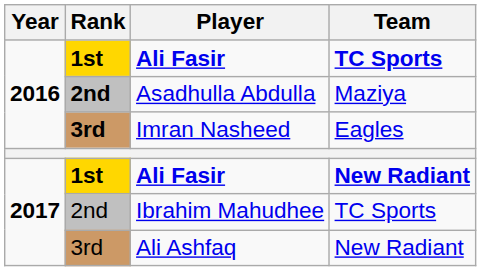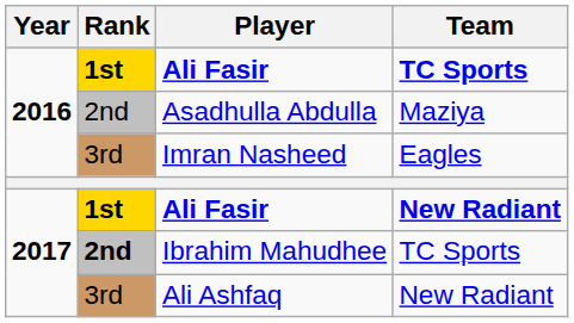 <table class="wikitable">
 <tr>
 <th>Year</th>
 <th>Rank</th>
 <th>Player</th>
 <th>Team</th>
 </tr>
 <tr>
 <td rowspan="3"><strong>2016</strong></td>
 <td scope=col style="background-color: gold"><strong>1st</strong></td>
 <td> <strong><a href='#'>Ali Fasir</a></strong></td>
 <td> <strong><a href='#'>TC Sports</a></strong></td>
 </tr>
 <tr>
-<td scope=col style="background-color: silver"><strong>2nd</strong></td>
+<td scope=col style="background-color: silver">2nd</td>
 <td> <a href='#'>Asadhulla Abdulla</a></td>
 <td> <a href='#'>Maziya</a></td>
 </tr>
 <tr>
-<td scope=col style="background-color: #cc9966"><strong>3rd</strong></td>
+<td scope=col style="background-color: #cc9966">3rd</td>
 <td> <a href='#'>Imran Nasheed</a></td>
 <td> <a href='#'>Eagles</a></td>
 </tr>
 <tr>
 <th colspan="5"></th>
 </tr>
 <tr>
 <td rowspan="3"><strong>2017</strong></td>
 <td scope=col style="background-color: gold"><strong>1st</strong></td>
 <td> <strong><a href='#'>Ali Fasir</a></strong></td>
 <td> <strong><a href='#'>New Radiant</a></strong></td>
 </tr>
 <tr>
-<td scope=col style="background-color: silver">2nd</td>
+<td scope=col style="background-color: silver"><strong>2nd</strong></td>
 <td> <a href='#'>Ibrahim Mahudhee</a></td>
 <td> <a href='#'>TC Sports</a></td>
 </tr>
 <tr>
 <td scope=col style="background-color: #cc9966">3rd</td>
 <td> <a href='#'>Ali Ashfaq</a></td>
 <td> <a href='#'>New Radiant</a></td>
 </tr>
 </table>
